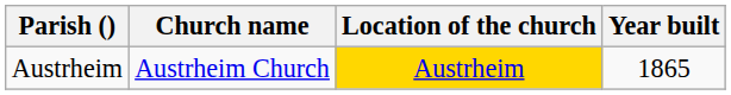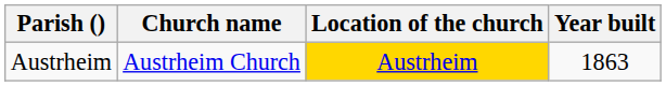 <table class="wikitable" style="text-align:center">
 <tr>
 <th>Parish ()</th>
 <th>Church name</th>
 <th>Location of the church</th>
 <th>Year built</th>
 </tr>
 <tr>
 <td>Austrheim</td>
 <td><a href='#'>Austrheim Church</a></td>
 <td style="background: gold;"><a href='#'>Austrheim</a></td>
-<td>1865</td>
+<td>1863</td>
 </tr>
 </table>
